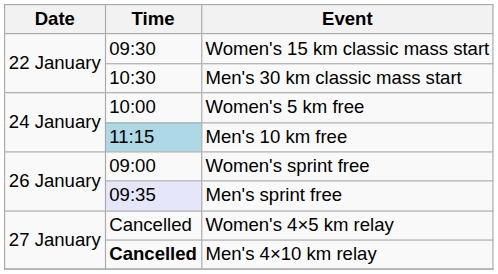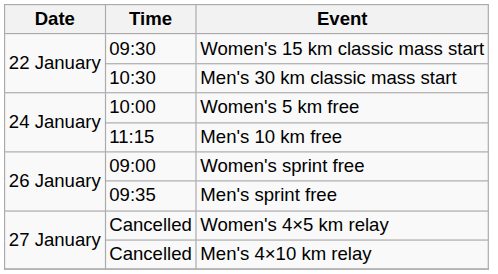 <table class="wikitable">
 <tr>
 <th>Date</th>
 <th>Time</th>
 <th>Event</th>
 </tr>
 <tr>
 <td rowspan=2>22 January</td>
 <td>09:30</td>
 <td>Women's 15 km classic mass start</td>
 </tr>
 <tr>
 <td>10:30</td>
 <td>Men's 30 km classic mass start</td>
 </tr>
 <tr>
 <td rowspan=2>24 January</td>
 <td>10:00</td>
 <td>Women's 5 km free</td>
 </tr>
 <tr>
-<td style="background: lightblue;">11:15</td>
+<td>11:15</td>
 <td>Men's 10 km free</td>
 </tr>
 <tr>
 <td rowspan=2>26 January</td>
 <td>09:00</td>
 <td>Women's sprint free</td>
 </tr>
 <tr>
-<td style="background: lavender;">09:35</td>
+<td>09:35</td>
 <td>Men's sprint free</td>
 </tr>
 <tr>
 <td rowspan=2>27 January</td>
 <td>Cancelled</td>
 <td>Women's 4×5 km relay</td>
 </tr>
 <tr>
-<td><strong>Cancelled</strong></td>
+<td>Cancelled</td>
 <td>Men's 4×10 km relay</td>
 </tr>
 <tr>
 </tr>
 </table>
